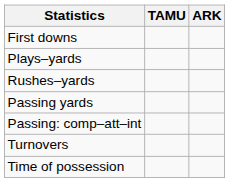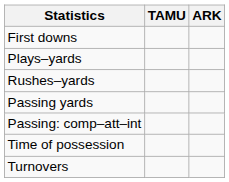 <table class="wikitable" style="float:left">
 <tr>
 <th>Statistics</th>
 <th>TAMU</th>
 <th>ARK</th>
 </tr>
 <tr>
 <td>First downs</td>
 <td></td>
 <td></td>
 </tr>
 <tr>
 <td>Plays–yards</td>
 <td></td>
 <td></td>
 </tr>
 <tr>
 <td>Rushes–yards</td>
 <td></td>
 <td></td>
 </tr>
 <tr>
 <td>Passing yards</td>
 <td></td>
 <td></td>
 </tr>
 <tr>
 <td>Passing: comp–att–int</td>
 <td></td>
 <td></td>
 </tr>
 <tr>
+<td>Time of possession</td>
+<td></td>
+<td></td>
+</tr>
+<tr>
 <td>Turnovers</td>
 <td></td>
 <td></td>
 </tr>
-<tr>
-<td>Time of possession</td>
-<td></td>
-<td></td>
-</tr>
 </table>
